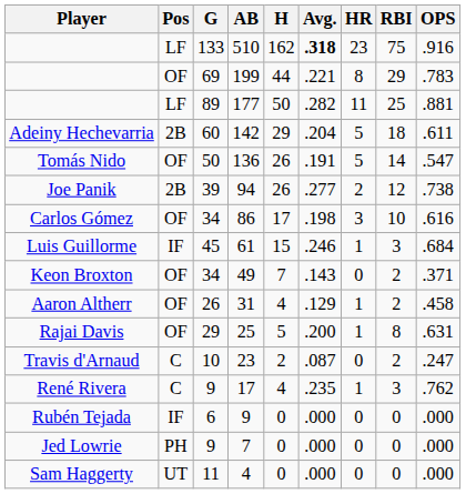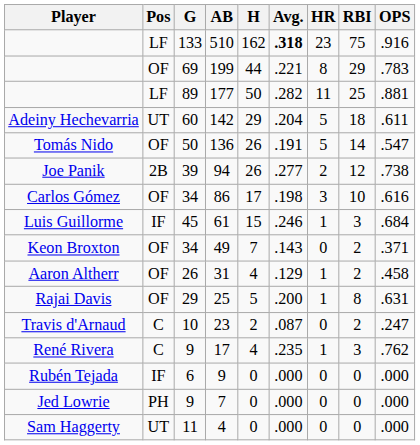 <table class="wikitable sortable">
 <tr>
 <th>Player</th>
 <th>Pos</th>
 <th>G</th>
 <th>AB</th>
 <th>H</th>
 <th>Avg.</th>
 <th>HR</th>
 <th>RBI</th>
 <th>OPS</th>
 </tr>
 <tr align="center">
 <td></td>
 <td>LF</td>
 <td>133</td>
 <td>510</td>
 <td>162</td>
 <td><strong>.318</strong></td>
 <td>23</td>
 <td>75</td>
 <td>.916</td>
 </tr>
 <tr align="center">
 <td></td>
 <td>OF</td>
 <td>69</td>
 <td>199</td>
 <td>44</td>
 <td>.221</td>
 <td>8</td>
 <td>29</td>
 <td>.783</td>
 </tr>
 <tr align="center">
 <td></td>
 <td>LF</td>
 <td>89</td>
 <td>177</td>
 <td>50</td>
 <td>.282</td>
 <td>11</td>
 <td>25</td>
 <td>.881</td>
 </tr>
 <tr align="center">
 <td><a href='#'>Adeiny Hechevarria</a></td>
-<td>2B</td>
+<td>UT</td>
 <td>60</td>
 <td>142</td>
 <td>29</td>
 <td>.204</td>
 <td>5</td>
 <td>18</td>
 <td>.611</td>
 </tr>
 <tr align=center>
 <td><a href='#'>Tomás Nido</a></td>
 <td>OF</td>
 <td>50</td>
 <td>136</td>
 <td>26</td>
 <td>.191</td>
 <td>5</td>
 <td>14</td>
 <td>.547</td>
 </tr>
 <tr align=center>
 <td><a href='#'>Joe Panik</a></td>
 <td>2B</td>
 <td>39</td>
 <td>94</td>
 <td>26</td>
 <td>.277</td>
 <td>2</td>
 <td>12</td>
 <td>.738</td>
 </tr>
 <tr align=center>
 <td><a href='#'>Carlos Gómez</a></td>
 <td>OF</td>
 <td>34</td>
 <td>86</td>
 <td>17</td>
 <td>.198</td>
 <td>3</td>
 <td>10</td>
 <td>.616</td>
 </tr>
 <tr align=center>
 <td><a href='#'>Luis Guillorme</a></td>
 <td>IF</td>
 <td>45</td>
 <td>61</td>
 <td>15</td>
 <td>.246</td>
 <td>1</td>
 <td>3</td>
 <td>.684</td>
 </tr>
 <tr align=center>
 <td><a href='#'>Keon Broxton</a></td>
 <td>OF</td>
 <td>34</td>
 <td>49</td>
 <td>7</td>
 <td>.143</td>
 <td>0</td>
 <td>2</td>
 <td>.371</td>
 </tr>
 <tr align=center>
 <td><a href='#'>Aaron Altherr</a></td>
 <td>OF</td>
 <td>26</td>
 <td>31</td>
 <td>4</td>
 <td>.129</td>
 <td>1</td>
 <td>2</td>
 <td>.458</td>
 </tr>
 <tr align=center>
 <td><a href='#'>Rajai Davis</a></td>
 <td>OF</td>
 <td>29</td>
 <td>25</td>
 <td>5</td>
 <td>.200</td>
 <td>1</td>
 <td>8</td>
 <td>.631</td>
 </tr>
 <tr align=center>
 <td><a href='#'>Travis d'Arnaud</a></td>
 <td>C</td>
 <td>10</td>
 <td>23</td>
 <td>2</td>
 <td>.087</td>
 <td>0</td>
 <td>2</td>
 <td>.247</td>
 </tr>
 <tr align=center>
 <td><a href='#'>René Rivera</a></td>
 <td>C</td>
 <td>9</td>
 <td>17</td>
 <td>4</td>
 <td>.235</td>
 <td>1</td>
 <td>3</td>
 <td>.762</td>
 </tr>
 <tr align=center>
 <td><a href='#'>Rubén Tejada</a></td>
 <td>IF</td>
 <td>6</td>
 <td>9</td>
 <td>0</td>
 <td>.000</td>
 <td>0</td>
 <td>0</td>
 <td>.000</td>
 </tr>
 <tr align=center>
 <td><a href='#'>Jed Lowrie</a></td>
 <td>PH</td>
 <td>9</td>
 <td>7</td>
 <td>0</td>
 <td>.000</td>
 <td>0</td>
 <td>0</td>
 <td>.000</td>
 </tr>
 <tr align=center>
 <td><a href='#'>Sam Haggerty</a></td>
 <td>UT</td>
 <td>11</td>
 <td>4</td>
 <td>0</td>
 <td>.000</td>
 <td>0</td>
 <td>0</td>
 <td>.000</td>
 </tr>
 </table>
